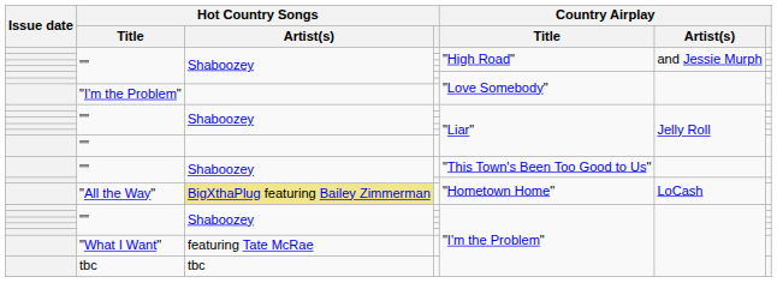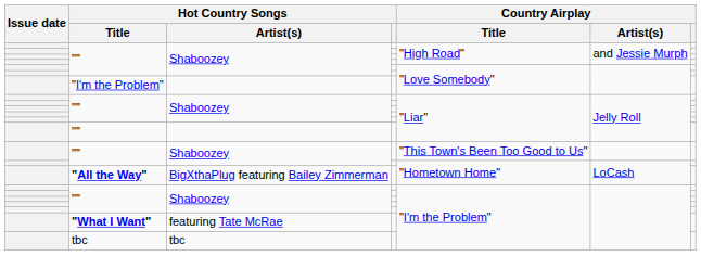 <table class="wikitable sortable plainrowheaders">
 <tr>
 <th scope=col rowspan=2>Issue date</th>
 <th scope=col colspan=3>Hot Country Songs</th>
 <th scope=col colspan=3>Country Airplay</th>
 </tr>
 <tr>
 <th scope=col>Title</th>
 <th scope=col>Artist(s)</th>
 <th scope=col class=unsortable></th>
 <th scope=col>Title</th>
 <th scope=col>Artist(s)</th>
 <th scope=col class=unsortable></th>
 </tr>
 <tr>
 <th scope="row"></th>
 <td rowspan=6>""</td>
 <td rowspan=6><a href='#'>Shaboozey</a></td>
 <td align=center></td>
 <td rowspan=4>"<a href='#'>High Road</a>"</td>
 <td rowspan=4> and <a href='#'>Jessie Murph</a></td>
 <td align=center></td>
 </tr>
 <tr>
 <th scope="row"></th>
 <td align=center></td>
 <td align=center></td>
 </tr>
 <tr>
 <th scope="row"></th>
 <td align=center></td>
 <td align=center></td>
 </tr>
 <tr>
 <th scope="row"></th>
 <td align=center></td>
 <td align=center></td>
 </tr>
 <tr>
 <th scope="row"></th>
 <td align=center></td>
 <td rowspan="3">"<a href='#'>Love Somebody</a>"</td>
 <td rowspan="3"></td>
 <td align=center></td>
 </tr>
 <tr>
 <th scope="row"></th>
 <td align=center></td>
 <td align=center></td>
 </tr>
 <tr>
 <th scope="row"></th>
 <td>"<a href='#'>I'm the Problem</a>"</td>
 <td></td>
 <td align=center></td>
 <td align=center></td>
 </tr>
 <tr>
 <th scope="row"></th>
 <td rowspan=5>""</td>
 <td rowspan=5><a href='#'>Shaboozey</a></td>
 <td align=center></td>
 <td rowspan=6>"<a href='#'>Liar</a>"</td>
 <td rowspan=6><a href='#'>Jelly Roll</a></td>
 <td align=center></td>
 </tr>
 <tr>
 <th scope="row"></th>
 <td align=center></td>
 <td align=center></td>
 </tr>
 <tr>
 <th scope="row"></th>
 <td align=center></td>
 <td align=center></td>
 </tr>
 <tr>
 <th scope="row"></th>
 <td align=center></td>
 <td align=center></td>
 </tr>
 <tr>
 <th scope="row"></th>
 <td align=center></td>
 <td align=center></td>
 </tr>
 <tr>
 <th scope="row"></th>
 <td>""</td>
 <td></td>
 <td align=center></td>
 <td align=center></td>
 </tr>
 <tr>
 <th scope="row"></th>
 <td rowspan=2>""</td>
 <td rowspan=2><a href='#'>Shaboozey</a></td>
 <td align=center></td>
 <td>"<a href='#'>This Town's Been Too Good to Us</a>"</td>
 <td></td>
 <td align=center></td>
 </tr>
 <tr>
 <th scope="row"></th>
 <td align=center></td>
 <td rowspan="2">"<a href='#'>Hometown Home</a>"</td>
 <td rowspan="2"><a href='#'>LoCash</a></td>
 <td align=center></td>
 </tr>
 <tr>
 <th scope="row"></th>
-<td>"<a href='#'>All the Way</a>"</td>
-<td style="background: khaki;"><a href='#'>BigXthaPlug</a> featuring <a href='#'>Bailey Zimmerman</a></td>
+<td><strong>"<a href='#'>All the Way</a>"</strong></td>
+<td><a href='#'>BigXthaPlug</a> featuring <a href='#'>Bailey Zimmerman</a></td>
 <td align=center></td>
 <td align=center></td>
 </tr>
 <tr>
 <th scope="row"></th>
 <td rowspan=5>""</td>
 <td rowspan=5><a href='#'>Shaboozey</a></td>
 <td align=center></td>
 <td rowspan="7">"<a href='#'>I'm the Problem</a>"</td>
 <td rowspan="7"></td>
 <td align=center></td>
 </tr>
 <tr>
 <th scope="row"></th>
 <td align=center></td>
 <td align=center></td>
 </tr>
 <tr>
 <th scope="row"></th>
 <td align=center></td>
 <td align=center></td>
 </tr>
 <tr>
 <th scope="row"></th>
 <td align=center></td>
 <td align=center></td>
 </tr>
 <tr>
 <th scope="row"></th>
 <td align=center></td>
 <td align=center></td>
 </tr>
 <tr>
 <th scope="row"></th>
-<td>"<a href='#'>What I Want</a>"</td>
+<td><strong>"<a href='#'>What I Want</a>"</strong></td>
 <td> featuring <a href='#'>Tate McRae</a></td>
 <td align=center></td>
 <td align=center></td>
 </tr>
 <tr>
 <th scope="row"></th>
 <td>tbc</td>
 <td>tbc</td>
 <td></td>
 <td></td>
 </tr>
 </table>
